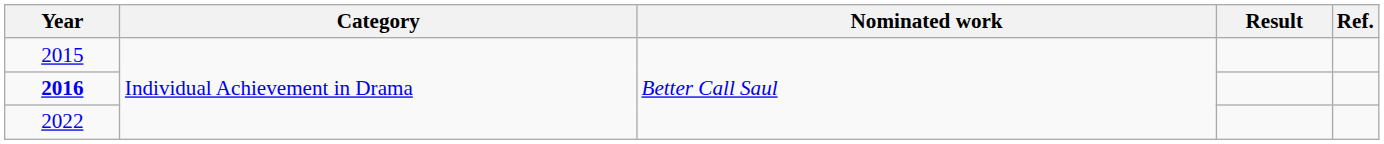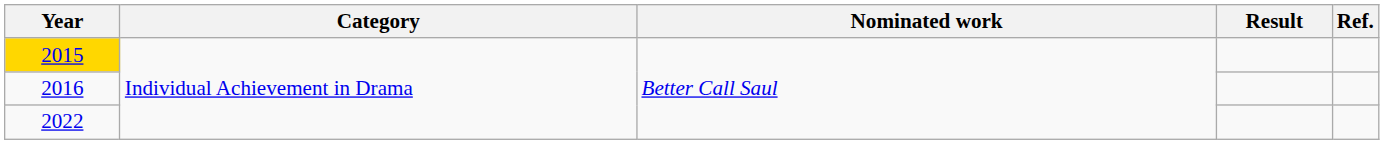 <table class=wikitable>
 <tr>
 <th scope="col" style="width:5em;">Year</th>
 <th scope="col" style="width:24em;">Category</th>
 <th scope="col" style="width:27em;">Nominated work</th>
 <th scope="col" style="width:5em;">Result</th>
 <th>Ref.</th>
 </tr>
 <tr>
-<td style="text-align:center;"><a href='#'>2015</a></td>
+<td style="background: gold; text-align:center;"><a href='#'>2015</a></td>
 <td rowspan="3"><a href='#'>Individual Achievement in Drama</a></td>
 <td rowspan="3"><em><a href='#'>Better Call Saul</a></em></td>
 <td></td>
 <td style="text-align:center;"></td>
 </tr>
 <tr>
-<td style="text-align:center;"><strong><a href='#'>2016</a></strong></td>
+<td style="text-align:center;"><a href='#'>2016</a></td>
 <td></td>
 <td style="text-align:center;"></td>
 </tr>
 <tr>
 <td style="text-align:center;"><a href='#'>2022</a></td>
 <td></td>
 <td style="text-align:center;"></td>
 </tr>
 </table>
